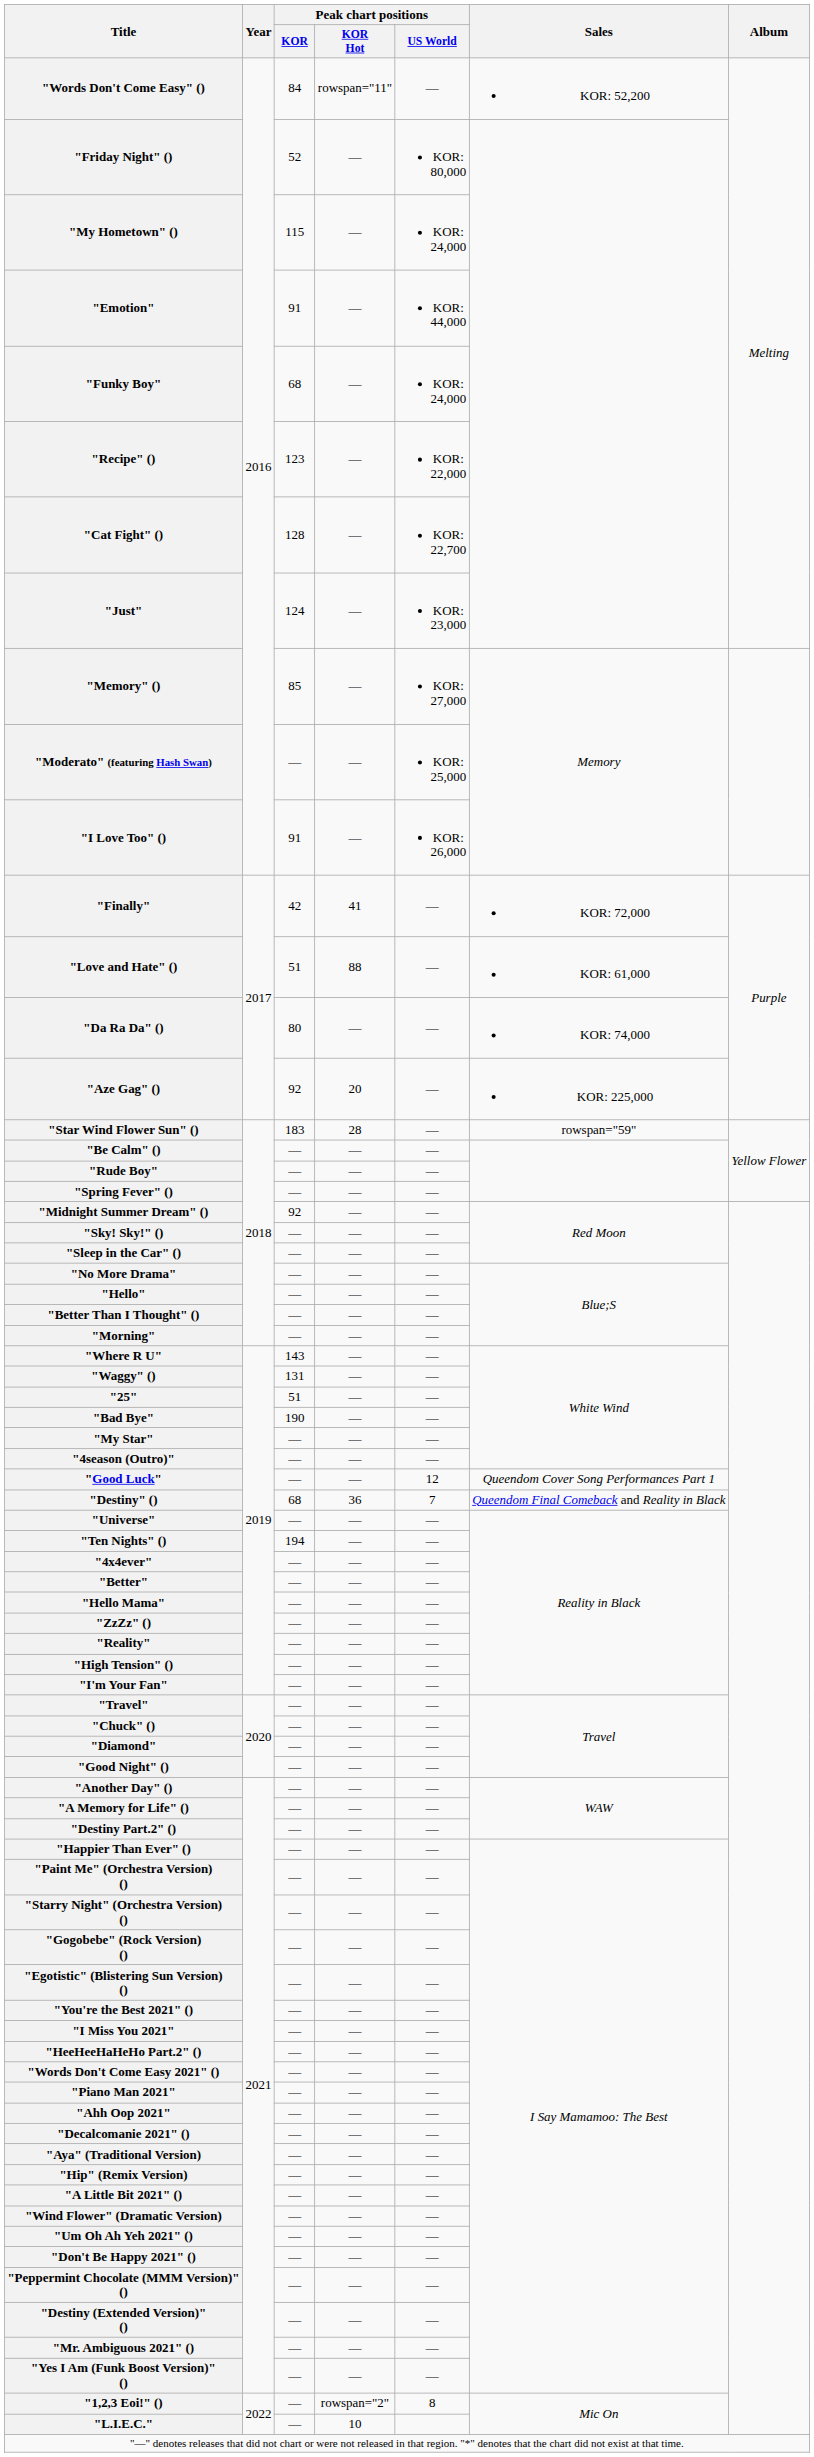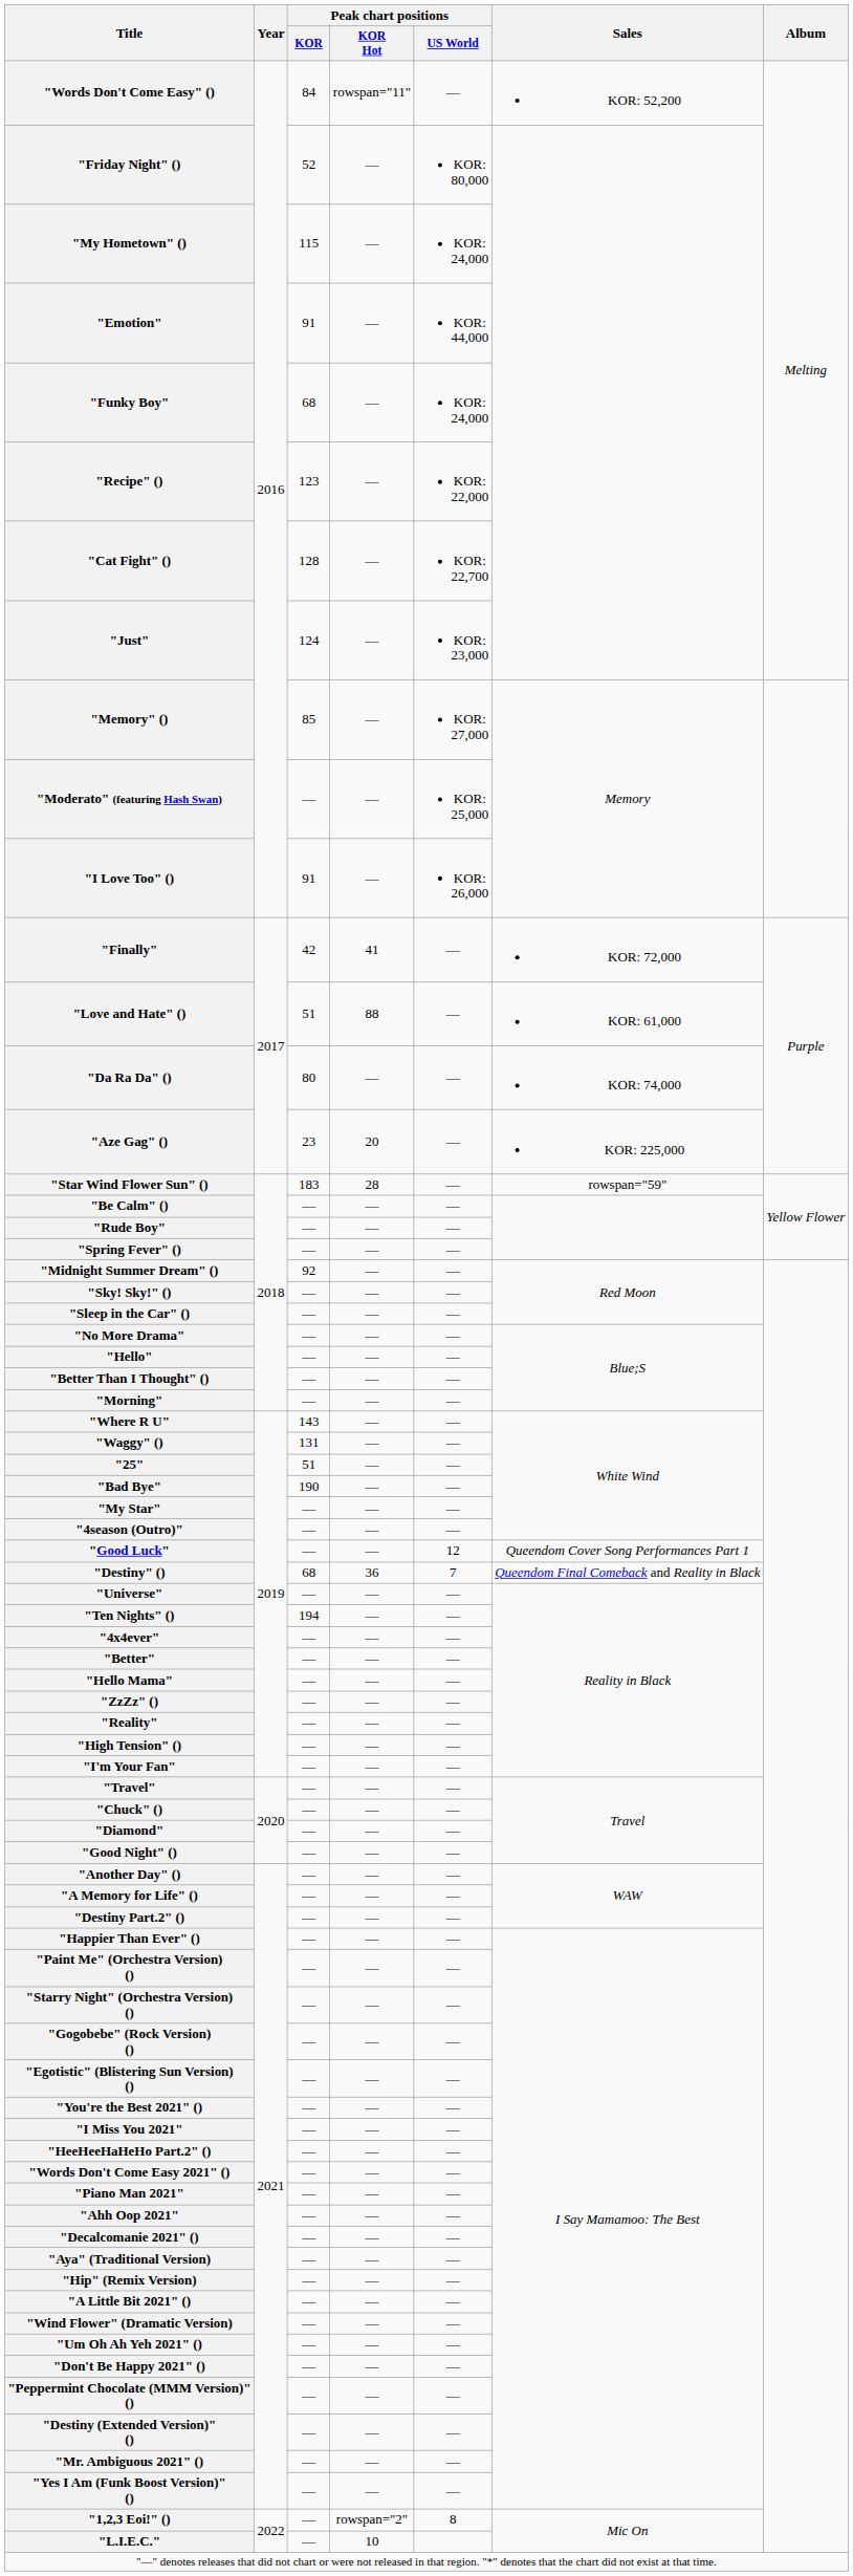 <table class="wikitable plainrowheaders" style="text-align:center;">
 <tr>
 <th rowspan="2" scope="col">Title</th>
 <th rowspan="2" scope="col">Year</th>
 <th colspan="3" scope="col">Peak chart positions</th>
 <th rowspan="2" scope="col">Sales<br></th>
 <th rowspan="2" scope="col">Album</th>
 </tr>
 <tr>
 <th scope="col" style="width:3em;font-size:90%;"><a href='#'>KOR</a><br></th>
 <th scope="col" style="width:3em;font-size:90%;"><a href='#'>KOR<br>Hot</a><br></th>
 <th scope="col" style="width:3em;font-size:90%;"><a href='#'>US World</a><br></th>
 </tr>
 <tr>
 <th scope="row">"Words Don't Come Easy" ()</th>
 <td rowspan="11">2016</td>
 <td>84</td>
 <td>rowspan="11" </td>
 <td>—</td>
 <td><br><ul><li>KOR:  52,200</li></ul></td>
 <td rowspan="8"><em>Melting</em></td>
 </tr>
 <tr>
 <th scope="row">"Friday Night" ()<br></th>
 <td>52</td>
 <td>—</td>
 <td><br><ul><li>KOR: 80,000</li></ul></td>
 </tr>
 <tr>
 <th scope="row">"My Hometown" ()</th>
 <td>115</td>
 <td>—</td>
 <td><br><ul><li>KOR: 24,000</li></ul></td>
 </tr>
 <tr>
 <th scope="row">"Emotion"</th>
 <td>91</td>
 <td>—</td>
 <td><br><ul><li>KOR: 44,000</li></ul></td>
 </tr>
 <tr>
 <th scope="row">"Funky Boy"</th>
 <td>68</td>
 <td>—</td>
 <td><br><ul><li>KOR: 24,000</li></ul></td>
 </tr>
 <tr>
 <th scope="row">"Recipe" ()</th>
 <td>123</td>
 <td>—</td>
 <td><br><ul><li>KOR: 22,000</li></ul></td>
 </tr>
 <tr>
 <th scope="row">"Cat Fight" ()</th>
 <td>128</td>
 <td>—</td>
 <td><br><ul><li>KOR: 22,700</li></ul></td>
 </tr>
 <tr>
 <th scope="row">"Just"</th>
 <td>124</td>
 <td>—</td>
 <td><br><ul><li>KOR: 23,000</li></ul></td>
 </tr>
 <tr>
 <th scope="row">"Memory" ()</th>
 <td>85</td>
 <td>—</td>
 <td><br><ul><li>KOR: 27,000</li></ul></td>
 <td rowspan="3"><em>Memory</em></td>
 </tr>
 <tr>
 <th scope="row">"Moderato" <small>(featuring <a href='#'>Hash Swan</a>)</small></th>
 <td>—</td>
 <td>—</td>
 <td><br><ul><li>KOR: 25,000</li></ul></td>
 </tr>
 <tr>
 <th scope="row">"I Love Too" ()</th>
 <td>91</td>
 <td>—</td>
 <td><br><ul><li>KOR: 26,000</li></ul></td>
 </tr>
 <tr>
 <th scope="row">"Finally"</th>
 <td rowspan="4">2017</td>
 <td>42</td>
 <td>41</td>
 <td>—</td>
 <td><br><ul><li>KOR: 72,000</li></ul></td>
 <td rowspan="4"><em>Purple</em></td>
 </tr>
 <tr>
 <th scope="row">"Love and Hate" ()</th>
 <td>51</td>
 <td>88</td>
 <td>—</td>
 <td><br><ul><li>KOR: 61,000</li></ul></td>
 </tr>
 <tr>
 <th scope="row">"Da Ra Da" ()</th>
 <td>80</td>
 <td>—</td>
 <td>—</td>
 <td><br><ul><li>KOR: 74,000</li></ul></td>
 </tr>
 <tr>
 <th scope="row">"Aze Gag" ()</th>
-<td>92</td>
+<td>23</td>
 <td>20</td>
 <td>—</td>
 <td><br><ul><li>KOR: 225,000</li></ul></td>
 </tr>
 <tr>
 <th scope="row">"Star Wind Flower Sun" ()</th>
 <td rowspan="11">2018</td>
 <td>183</td>
 <td>28</td>
 <td>—</td>
 <td>rowspan="59" </td>
 <td rowspan="4"><em>Yellow Flower</em></td>
 </tr>
 <tr>
 <th scope="row">"Be Calm" ()</th>
 <td>—</td>
 <td>—</td>
 <td>—</td>
 </tr>
 <tr>
 <th scope="row">"Rude Boy"</th>
 <td>—</td>
 <td>—</td>
 <td>—</td>
 </tr>
 <tr>
 <th scope="row">"Spring Fever" ()</th>
 <td>—</td>
 <td>—</td>
 <td>—</td>
 </tr>
 <tr>
 <th scope="row">"Midnight Summer Dream" ()</th>
 <td>92</td>
 <td>—</td>
 <td>—</td>
 <td rowspan="3"><em>Red Moon</em></td>
 </tr>
 <tr>
 <th scope="row">"Sky! Sky!" ()</th>
 <td>—</td>
 <td>—</td>
 <td>—</td>
 </tr>
 <tr>
 <th scope="row">"Sleep in the Car" ()</th>
 <td>—</td>
 <td>—</td>
 <td>—</td>
 </tr>
 <tr>
 <th scope="row">"No More Drama"</th>
 <td>—</td>
 <td>—</td>
 <td>—</td>
 <td rowspan="4"><em>Blue;S</em></td>
 </tr>
 <tr>
 <th scope="row">"Hello"</th>
 <td>—</td>
 <td>—</td>
 <td>—</td>
 </tr>
 <tr>
 <th scope="row">"Better Than I Thought" ()</th>
 <td>—</td>
 <td>—</td>
 <td>—</td>
 </tr>
 <tr>
 <th scope="row">"Morning"</th>
 <td>—</td>
 <td>—</td>
 <td>—</td>
 </tr>
 <tr>
 <th scope="row">"Where R U"</th>
 <td rowspan="17">2019</td>
 <td>143</td>
 <td>—</td>
 <td>—</td>
 <td rowspan="6"><em>White Wind</em></td>
 </tr>
 <tr>
 <th scope="row">"Waggy" ()</th>
 <td>131</td>
 <td>—</td>
 <td>—</td>
 </tr>
 <tr>
 <th scope="row">"25"</th>
 <td>51</td>
 <td>—</td>
 <td>—</td>
 </tr>
 <tr>
 <th scope="row">"Bad Bye"</th>
 <td>190</td>
 <td>—</td>
 <td>—</td>
 </tr>
 <tr>
 <th scope="row">"My Star"</th>
 <td>—</td>
 <td>—</td>
 <td>—</td>
 </tr>
 <tr>
 <th scope="row">"4season (Outro)"</th>
 <td>—</td>
 <td>—</td>
 <td>—</td>
 </tr>
 <tr>
 <th scope="row">"<a href='#'>Good Luck</a>"</th>
 <td>—</td>
 <td>—</td>
 <td>12</td>
 <td><em>Queendom Cover Song Performances Part 1</em></td>
 </tr>
 <tr>
 <th scope="row">"Destiny" ()</th>
 <td>68</td>
 <td>36</td>
 <td>7</td>
 <td><em><a href='#'>Queendom Final Comeback</a></em> and <em>Reality in Black</em></td>
 </tr>
 <tr>
 <th scope="row">"Universe"</th>
 <td>—</td>
 <td>—</td>
 <td>—</td>
 <td rowspan="9"><em>Reality in Black</em></td>
 </tr>
 <tr>
 <th scope="row">"Ten Nights" ()</th>
 <td>194</td>
 <td>—</td>
 <td>—</td>
 </tr>
 <tr>
 <th scope="row">"4x4ever"</th>
 <td>—</td>
 <td>—</td>
 <td>—</td>
 </tr>
 <tr>
 <th scope="row">"Better"</th>
 <td>—</td>
 <td>—</td>
 <td>—</td>
 </tr>
 <tr>
 <th scope="row">"Hello Mama"</th>
 <td>—</td>
 <td>—</td>
 <td>—</td>
 </tr>
 <tr>
 <th scope="row">"ZzZz" ()</th>
 <td>—</td>
 <td>—</td>
 <td>—</td>
 </tr>
 <tr>
 <th scope="row">"Reality"</th>
 <td>—</td>
 <td>—</td>
 <td>—</td>
 </tr>
 <tr>
 <th scope="row">"High Tension" ()</th>
 <td>—</td>
 <td>—</td>
 <td>—</td>
 </tr>
 <tr>
 <th scope="row">"I'm Your Fan"</th>
 <td>—</td>
 <td>—</td>
 <td>—</td>
 </tr>
 <tr>
 <th scope="row">"Travel"</th>
 <td rowspan="4">2020</td>
 <td>—</td>
 <td>—</td>
 <td>—</td>
 <td rowspan="4"><em>Travel</em></td>
 </tr>
 <tr>
 <th scope="row">"Chuck" ()</th>
 <td>—</td>
 <td>—</td>
 <td>—</td>
 </tr>
 <tr>
 <th scope="row">"Diamond"</th>
 <td>—</td>
 <td>—</td>
 <td>—</td>
 </tr>
 <tr>
 <th scope="row">"Good Night" ()</th>
 <td>—</td>
 <td>—</td>
 <td>—</td>
 </tr>
 <tr>
 <th scope="row">"Another Day" ()</th>
 <td rowspan="25">2021</td>
 <td>—</td>
 <td>—</td>
 <td>—</td>
 <td rowspan="3"><em>WAW</em></td>
 </tr>
 <tr>
 <th scope="row">"A Memory for Life" ()</th>
 <td>—</td>
 <td>—</td>
 <td>—</td>
 </tr>
 <tr>
 <th scope="row">"Destiny Part.2" ()</th>
 <td>—</td>
 <td>—</td>
 <td>—</td>
 </tr>
 <tr>
 <th scope="row">"Happier Than Ever" ()</th>
 <td>—</td>
 <td>—</td>
 <td>—</td>
 <td rowspan="22"><em>I Say Mamamoo: The Best</em></td>
 </tr>
 <tr>
 <th scope="row">"Paint Me" (Orchestra Version) <br> ()</th>
 <td>—</td>
 <td>—</td>
 <td>—</td>
 </tr>
 <tr>
 <th scope="row">"Starry Night" (Orchestra Version) <br> ()</th>
 <td>—</td>
 <td>—</td>
 <td>—</td>
 </tr>
 <tr>
 <th scope="row">"Gogobebe" (Rock Version) <br> ()</th>
 <td>—</td>
 <td>—</td>
 <td>—</td>
 </tr>
 <tr>
 <th scope="row">"Egotistic" (Blistering Sun Version) <br> ()</th>
 <td>—</td>
 <td>—</td>
 <td>—</td>
 </tr>
 <tr>
 <th scope="row">"You're the Best 2021" ()</th>
 <td>—</td>
 <td>—</td>
 <td>—</td>
 </tr>
 <tr>
 <th scope="row">"I Miss You 2021"</th>
 <td>—</td>
 <td>—</td>
 <td>—</td>
 </tr>
 <tr>
 <th scope="row">"HeeHeeHaHeHo Part.2" ()</th>
 <td>—</td>
 <td>—</td>
 <td>—</td>
 </tr>
 <tr>
 <th scope="row">"Words Don't Come Easy 2021" ()</th>
 <td>—</td>
 <td>—</td>
 <td>—</td>
 </tr>
 <tr>
 <th scope="row">"Piano Man 2021"</th>
 <td>—</td>
 <td>—</td>
 <td>—</td>
 </tr>
 <tr>
 <th scope="row">"Ahh Oop 2021"</th>
 <td>—</td>
 <td>—</td>
 <td>—</td>
 </tr>
 <tr>
 <th scope="row">"Decalcomanie 2021" ()</th>
 <td>—</td>
 <td>—</td>
 <td>—</td>
 </tr>
 <tr>
 <th scope="row">"Aya" (Traditional Version)</th>
 <td>—</td>
 <td>—</td>
 <td>—</td>
 </tr>
 <tr>
 <th scope="row">"Hip" (Remix Version)</th>
 <td>—</td>
 <td>—</td>
 <td>—</td>
 </tr>
 <tr>
 <th scope="row">"A Little Bit 2021" ()</th>
 <td>—</td>
 <td>—</td>
 <td>—</td>
 </tr>
 <tr>
 <th scope="row">"Wind Flower" (Dramatic Version)</th>
 <td>—</td>
 <td>—</td>
 <td>—</td>
 </tr>
 <tr>
 <th scope="row">"Um Oh Ah Yeh 2021" ()</th>
 <td>—</td>
 <td>—</td>
 <td>—</td>
 </tr>
 <tr>
 <th scope="row">"Don't Be Happy 2021" ()</th>
 <td>—</td>
 <td>—</td>
 <td>—</td>
 </tr>
 <tr>
 <th scope="row">"Peppermint Chocolate (MMM Version)" <br> ()</th>
 <td>—</td>
 <td>—</td>
 <td>—</td>
 </tr>
 <tr>
 <th scope="row">"Destiny (Extended Version)" <br> ()</th>
 <td>—</td>
 <td>—</td>
 <td>—</td>
 </tr>
 <tr>
 <th scope="row">"Mr. Ambiguous 2021" ()</th>
 <td>—</td>
 <td>—</td>
 <td>—</td>
 </tr>
 <tr>
 <th scope="row">"Yes I Am (Funk Boost Version)" <br> ()</th>
 <td>—</td>
 <td>—</td>
 <td>—</td>
 </tr>
 <tr>
 <th scope="row">"1,2,3 Eoi!" ()</th>
 <td rowspan="2">2022</td>
 <td>—</td>
 <td>rowspan="2" </td>
 <td>8</td>
 <td rowspan="2"><em>Mic On</em></td>
 </tr>
 <tr>
 <th scope="row">"L.I.E.C."</th>
 <td>—</td>
 <td>10</td>
 </tr>
 <tr>
 <td colspan="7" style="font-size:85%">"—" denotes releases that did not chart or were not released in that region. "*" denotes that the chart did not exist at that time.</td>
 </tr>
 </table>
